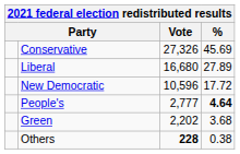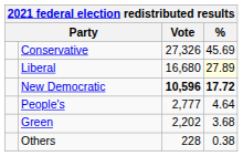 <table class="wikitable">
 <tr>
 <th colspan="4"><a href='#'>2021 federal election</a> redistributed results</th>
 </tr>
 <tr>
 <th bgcolor="#DDDDFF" width="130px" colspan="2">Party</th>
 <th bgcolor="#DDDDFF" width="50px">Vote</th>
 <th bgcolor="#DDDDFF" width="30px">%</th>
 </tr>
 <tr>
 <td> </td>
 <td><a href='#'>Conservative</a></td>
 <td align=right>27,326</td>
 <td align=right>45.69</td>
 </tr>
 <tr>
 <td> </td>
 <td><a href='#'>Liberal</a></td>
 <td align=right>16,680</td>
-<td align=right>27.89</td>
+<td align=right style="background: lightyellow;">27.89</td>
 </tr>
 <tr>
 <td> </td>
 <td><a href='#'>New Democratic</a></td>
-<td align=right>10,596</td>
-<td align=right>17.72</td>
+<td align=right><strong>10,596</strong></td>
+<td align=right><strong>17.72</strong></td>
 </tr>
 <tr>
 <td> </td>
 <td><a href='#'>People's</a></td>
 <td align=right>2,777</td>
-<td align=right><strong>4.64</strong></td>
+<td align=right>4.64</td>
 </tr>
 <tr>
 <td> </td>
 <td><a href='#'>Green</a></td>
 <td align=right>2,202</td>
 <td align=right>3.68</td>
 </tr>
 <tr>
 <td> </td>
 <td>Others</td>
-<td align=right><strong>228</strong></td>
+<td align=right>228</td>
 <td align=right>0.38</td>
 </tr>
 </table>
